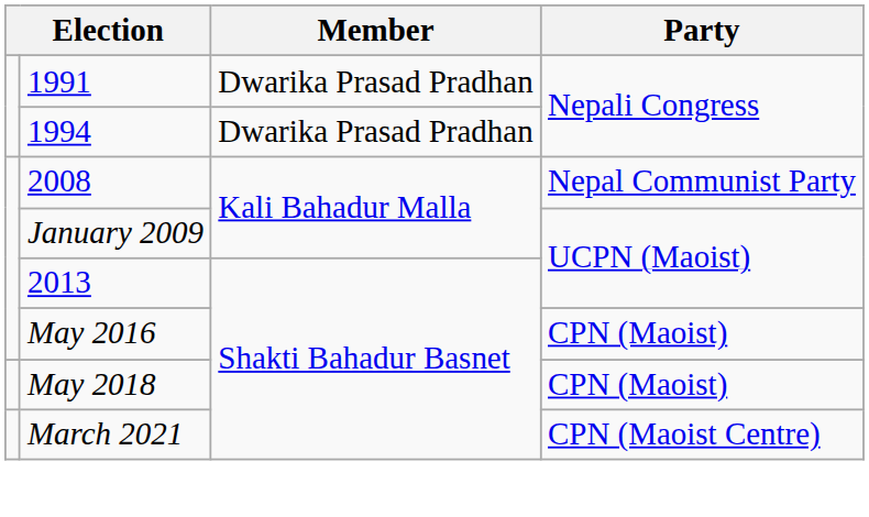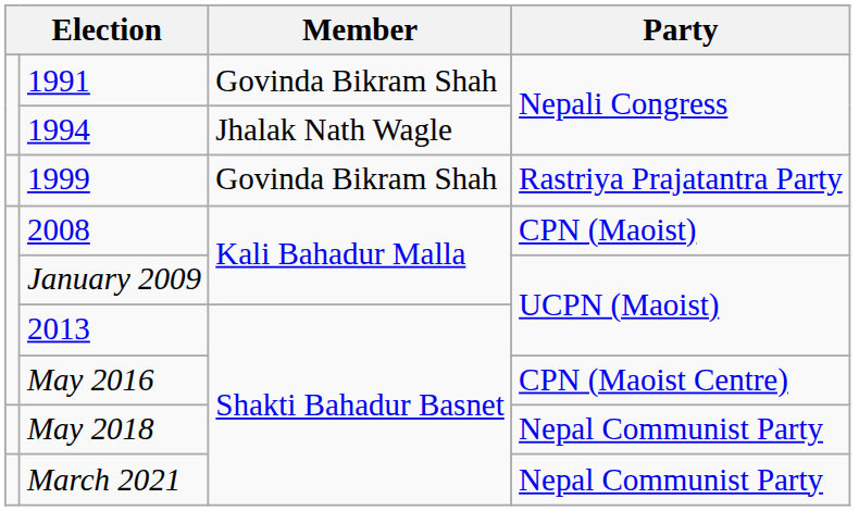 <table class="wikitable">
 <tr>
 <th colspan="2">Election</th>
 <th>Member</th>
 <th>Party</th>
 </tr>
 <tr>
 <td rowspan="2" style="color:inherit;background:"></td>
 <td><a href='#'>1991</a></td>
-<td>Dwarika Prasad Pradhan</td>
+<td>Govinda Bikram Shah</td>
 <td rowspan="2"><a href='#'>Nepali Congress</a></td>
 </tr>
 <tr>
 <td><a href='#'>1994</a></td>
-<td>Dwarika Prasad Pradhan</td>
+<td>Jhalak Nath Wagle</td>
+</tr>
+<tr>
+<td style="color:inherit;background:"></td>
+<td><a href='#'>1999</a></td>
+<td>Govinda Bikram Shah</td>
+<td><a href='#'>Rastriya Prajatantra Party</a></td>
 </tr>
 <tr>
 <td rowspan="4" style="color:inherit;background:"></td>
 <td><a href='#'>2008</a></td>
 <td rowspan="2"><a href='#'>Kali Bahadur Malla</a></td>
-<td><a href='#'>Nepal Communist Party</a></td>
+<td><a href='#'>CPN (Maoist)</a></td>
 </tr>
 <tr>
 <td><em>January 2009</em></td>
 <td rowspan="2"><a href='#'>UCPN (Maoist)</a></td>
 </tr>
 <tr>
 <td><a href='#'>2013</a></td>
 <td rowspan="4"><a href='#'>Shakti Bahadur Basnet</a></td>
 </tr>
 <tr>
 <td><em>May 2016</em></td>
-<td><a href='#'>CPN (Maoist)</a></td>
+<td><a href='#'>CPN (Maoist Centre)</a></td>
 </tr>
 <tr>
 <td style="color:inherit;background:"></td>
 <td><em>May 2018</em></td>
-<td><a href='#'>CPN (Maoist)</a></td>
+<td><a href='#'>Nepal Communist Party</a></td>
 </tr>
 <tr>
 <td style="color:inherit;background:"></td>
 <td><em>March 2021</em></td>
-<td><a href='#'>CPN (Maoist Centre)</a></td>
+<td><a href='#'>Nepal Communist Party</a></td>
 </tr>
 </table>
